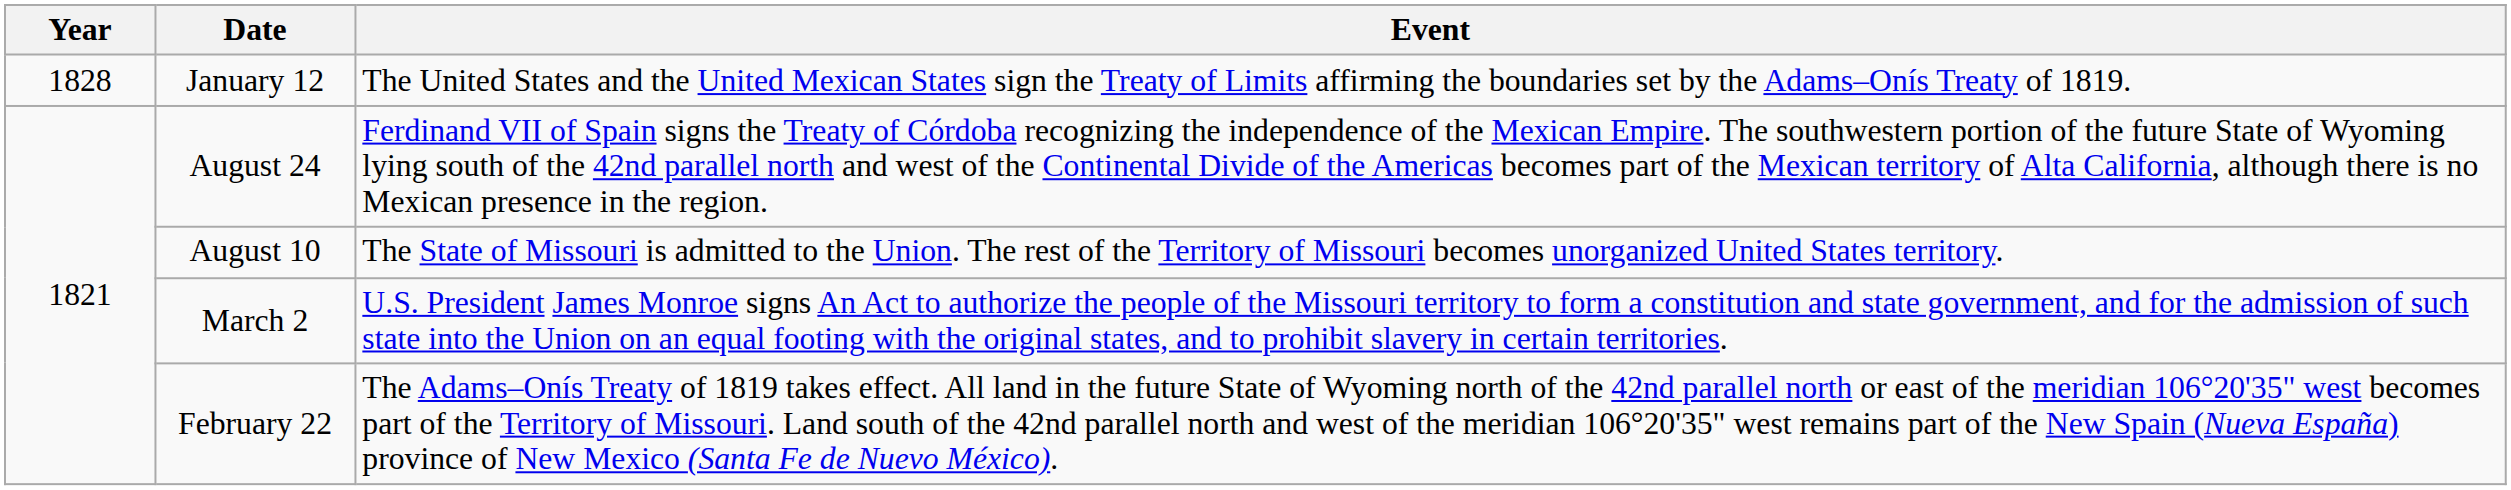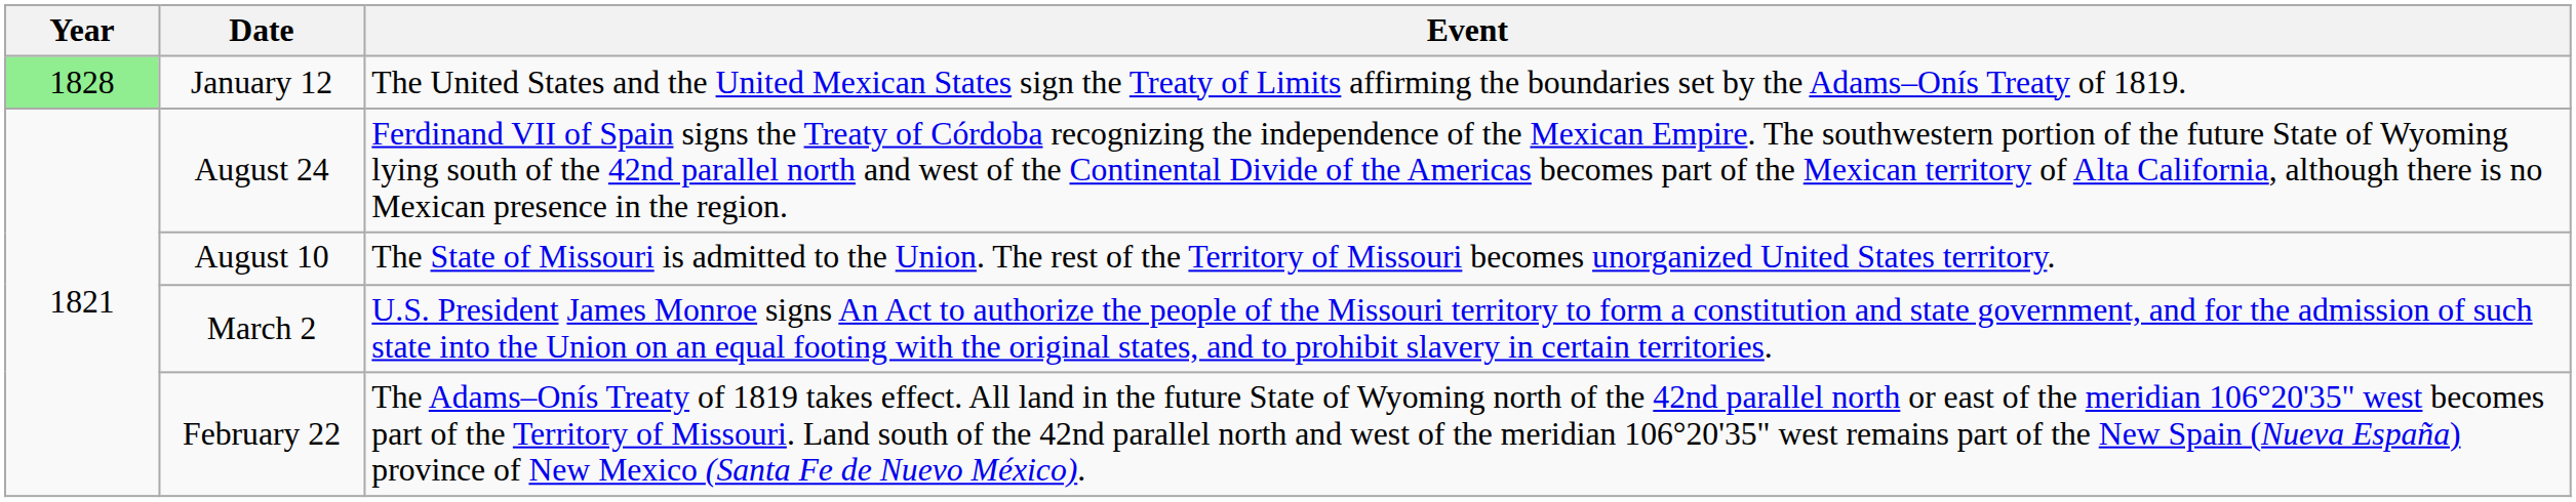 <table class="wikitable" style="width:100%;">
 <tr>
 <th style="width:6%">Year</th>
 <th style="width:8%">Date</th>
 <th style="width:86%">Event</th>
 </tr>
 <tr>
-<td align=center rowspan=1>1828</td>
+<td align=center rowspan=1 style="background: lightgreen;">1828</td>
 <td align=center>January 12</td>
 <td>The United States and the <a href='#'>United Mexican States</a> sign the <a href='#'>Treaty of Limits</a> affirming the boundaries set by the <a href='#'>Adams–Onís Treaty</a> of 1819.</td>
 </tr>
 <tr>
 <td align=center rowspan=4>1821</td>
 <td align=center>August 24</td>
 <td><a href='#'>Ferdinand VII of Spain</a> signs the <a href='#'>Treaty of Córdoba</a> recognizing the independence of the <a href='#'>Mexican Empire</a>.  The southwestern portion of the future State of Wyoming lying south of the <a href='#'>42nd parallel north</a> and west of the <a href='#'>Continental Divide of the Americas</a> becomes part of the <a href='#'>Mexican territory</a> of <a href='#'>Alta California</a>, although there is no Mexican presence in the region.</td>
 </tr>
 <tr>
 <td align=center>August 10</td>
 <td>The <a href='#'>State of Missouri</a> is admitted to the <a href='#'>Union</a>.  The rest of the <a href='#'>Territory of Missouri</a> becomes <a href='#'>unorganized United States territory</a>.</td>
 </tr>
 <tr>
 <td align=center>March 2</td>
 <td><a href='#'>U.S. President</a> <a href='#'>James Monroe</a> signs <a href='#'>An Act to authorize the people of the Missouri territory to form a constitution and state government, and for the admission of such state into the Union on an equal footing with the original states, and to prohibit slavery in certain territories</a>.</td>
 </tr>
 <tr>
 <td align=center>February 22</td>
 <td>The <a href='#'>Adams–Onís Treaty</a> of 1819 takes effect.  All land in the future State of Wyoming north of the <a href='#'>42nd parallel north</a> or east of the <a href='#'>meridian 106°20'35" west</a> becomes part of the <a href='#'>Territory of Missouri</a>. Land south of the 42nd parallel north and west of the meridian 106°20'35" west remains part of the <a href='#'>New Spain (<em>Nueva España</em>)</a> province of <a href='#'>New Mexico <em>(Santa Fe de Nuevo México)</em></a>.</td>
 </tr>
 </table>
